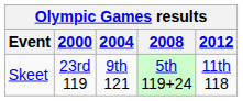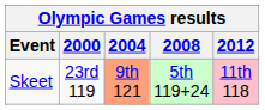 <table class="wikitable" style="text-align: center">
 <tr>
 <th colspan=7><a href='#'>Olympic Games</a> results</th>
 </tr>
 <tr>
 <th>Event</th>
 <th><a href='#'>2000</a></th>
 <th><a href='#'>2004</a></th>
 <th><a href='#'>2008</a></th>
 <th><a href='#'>2012</a></th>
 </tr>
 <tr>
 <td style="text-align: left"><a href='#'>Skeet</a></td>
 <td><a href='#'>23rd</a><br>119</td>
-<td><a href='#'>9th</a><br>121</td>
+<td style="background: lightsalmon;"><a href='#'>9th</a><br>121</td>
 <td style="background:#cfc;"><a href='#'>5th</a><br>119+24</td>
-<td><a href='#'>11th</a><br>118</td>
+<td style="background: pink;"><a href='#'>11th</a><br>118</td>
 </tr>
 </table>
